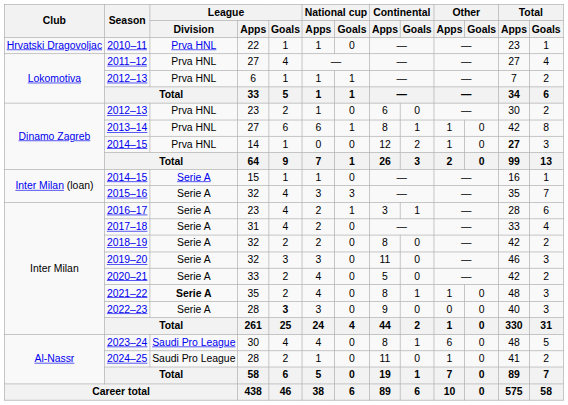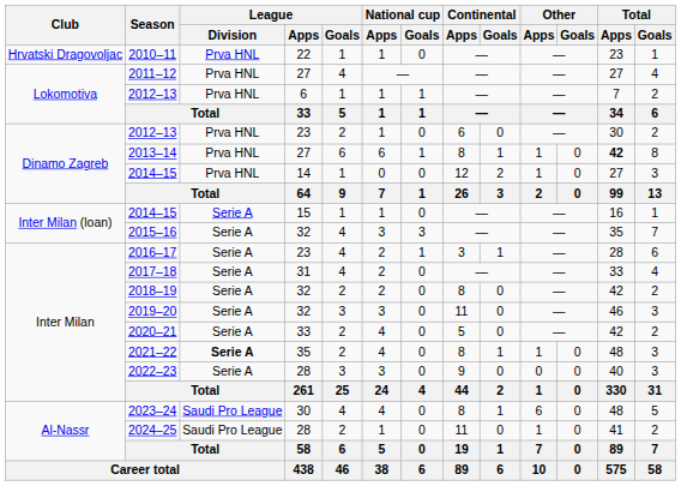 <table class="wikitable" style="text-align:center">
 <tr>
 <th rowspan="2">Club</th>
 <th rowspan="2">Season</th>
 <th colspan="3">League</th>
 <th colspan="2">National cup</th>
 <th colspan="2">Continental</th>
 <th colspan="2">Other</th>
 <th colspan="2">Total</th>
 </tr>
 <tr>
 <th>Division</th>
 <th>Apps</th>
 <th>Goals</th>
 <th>Apps</th>
 <th>Goals</th>
 <th>Apps</th>
 <th>Goals</th>
 <th>Apps</th>
 <th>Goals</th>
 <th>Apps</th>
 <th>Goals</th>
 </tr>
 <tr>
 <td><a href='#'>Hrvatski Dragovoljac</a></td>
 <td><a href='#'>2010–11</a></td>
 <td><a href='#'>Prva HNL</a></td>
 <td>22</td>
 <td>1</td>
 <td>1</td>
 <td>0</td>
 <td colspan="2">—</td>
 <td colspan="2">—</td>
 <td>23</td>
 <td>1</td>
 </tr>
 <tr>
 <td rowspan="3"><a href='#'>Lokomotiva</a></td>
 <td><a href='#'>2011–12</a></td>
 <td>Prva HNL</td>
 <td>27</td>
 <td>4</td>
 <td colspan="2">—</td>
 <td colspan="2">—</td>
 <td colspan="2">—</td>
 <td>27</td>
 <td>4</td>
 </tr>
 <tr>
 <td><a href='#'>2012–13</a></td>
 <td>Prva HNL</td>
 <td>6</td>
 <td>1</td>
 <td>1</td>
 <td>1</td>
 <td colspan="2">—</td>
 <td colspan="2">—</td>
 <td>7</td>
 <td>2</td>
 </tr>
 <tr>
 <th colspan="2">Total</th>
 <th>33</th>
 <th>5</th>
 <th>1</th>
 <th>1</th>
 <th colspan="2">—</th>
 <th colspan="2">—</th>
 <th>34</th>
 <th>6</th>
 </tr>
 <tr>
 <td rowspan="4"><a href='#'>Dinamo Zagreb</a></td>
 <td><a href='#'>2012–13</a></td>
 <td>Prva HNL</td>
 <td>23</td>
 <td>2</td>
 <td>1</td>
 <td>0</td>
 <td>6</td>
 <td>0</td>
 <td colspan="2">—</td>
 <td>30</td>
 <td>2</td>
 </tr>
 <tr>
 <td><a href='#'>2013–14</a></td>
 <td>Prva HNL</td>
 <td>27</td>
 <td>6</td>
 <td>6</td>
 <td>1</td>
 <td>8</td>
 <td>1</td>
 <td>1</td>
 <td>0</td>
-<td>42</td>
+<td><strong>42</strong></td>
 <td>8</td>
 </tr>
 <tr>
 <td><a href='#'>2014–15</a></td>
 <td>Prva HNL</td>
 <td>14</td>
 <td>1</td>
 <td>0</td>
 <td>0</td>
 <td>12</td>
 <td>2</td>
 <td>1</td>
 <td>0</td>
-<td><strong>27</strong></td>
+<td>27</td>
 <td>3</td>
 </tr>
 <tr>
 <th colspan="2">Total</th>
 <th>64</th>
 <th>9</th>
 <th>7</th>
 <th>1</th>
 <th>26</th>
 <th>3</th>
 <th>2</th>
 <th>0</th>
 <th>99</th>
 <th>13</th>
 </tr>
 <tr>
 <td rowspan="2"><a href='#'>Inter Milan</a> (loan)</td>
 <td><a href='#'>2014–15</a></td>
 <td><a href='#'>Serie A</a></td>
 <td>15</td>
 <td>1</td>
 <td>1</td>
 <td>0</td>
 <td colspan="2">—</td>
 <td colspan="2">—</td>
 <td>16</td>
 <td>1</td>
 </tr>
 <tr>
 <td><a href='#'>2015–16</a></td>
 <td>Serie A</td>
 <td>32</td>
 <td>4</td>
 <td>3</td>
 <td>3</td>
 <td colspan="2">—</td>
 <td colspan="2">—</td>
 <td>35</td>
 <td>7</td>
 </tr>
 <tr>
 <td rowspan="8">Inter Milan</td>
 <td><a href='#'>2016–17</a></td>
 <td>Serie A</td>
 <td>23</td>
 <td>4</td>
 <td>2</td>
 <td>1</td>
 <td>3</td>
 <td>1</td>
 <td colspan="2">—</td>
 <td>28</td>
 <td>6</td>
 </tr>
 <tr>
 <td><a href='#'>2017–18</a></td>
 <td>Serie A</td>
 <td>31</td>
 <td>4</td>
 <td>2</td>
 <td>0</td>
 <td colspan="2">—</td>
 <td colspan="2">—</td>
 <td>33</td>
 <td>4</td>
 </tr>
 <tr>
 <td><a href='#'>2018–19</a></td>
 <td>Serie A</td>
 <td>32</td>
 <td>2</td>
 <td>2</td>
 <td>0</td>
 <td>8</td>
 <td>0</td>
 <td colspan="2">—</td>
 <td>42</td>
 <td>2</td>
 </tr>
 <tr>
 <td><a href='#'>2019–20</a></td>
 <td>Serie A</td>
 <td>32</td>
 <td>3</td>
 <td>3</td>
 <td>0</td>
 <td>11</td>
 <td>0</td>
 <td colspan="2">—</td>
 <td>46</td>
 <td>3</td>
 </tr>
 <tr>
 <td><a href='#'>2020–21</a></td>
 <td>Serie A</td>
 <td>33</td>
 <td>2</td>
 <td>4</td>
 <td>0</td>
 <td>5</td>
 <td>0</td>
 <td colspan="2">—</td>
 <td>42</td>
 <td>2</td>
 </tr>
 <tr>
 <td><a href='#'>2021–22</a></td>
 <td><strong>Serie A</strong></td>
 <td>35</td>
 <td>2</td>
 <td>4</td>
 <td>0</td>
 <td>8</td>
 <td>1</td>
 <td>1</td>
 <td>0</td>
 <td>48</td>
 <td>3</td>
 </tr>
 <tr>
 <td><a href='#'>2022–23</a></td>
 <td>Serie A</td>
 <td>28</td>
-<td><strong>3</strong></td>
+<td>3</td>
 <td>3</td>
 <td>0</td>
 <td>9</td>
 <td>0</td>
 <td>0</td>
 <td>0</td>
 <td>40</td>
 <td>3</td>
 </tr>
 <tr>
 <th colspan="2">Total</th>
 <th>261</th>
 <th>25</th>
 <th>24</th>
 <th>4</th>
 <th>44</th>
 <th>2</th>
 <th>1</th>
 <th>0</th>
 <th>330</th>
 <th>31</th>
 </tr>
 <tr>
 <td rowspan="3"><a href='#'>Al-Nassr</a></td>
 <td><a href='#'>2023–24</a></td>
 <td><a href='#'>Saudi Pro League</a></td>
 <td>30</td>
 <td>4</td>
 <td>4</td>
 <td>0</td>
 <td>8</td>
 <td>1</td>
 <td>6</td>
 <td>0</td>
 <td>48</td>
 <td>5</td>
 </tr>
 <tr>
 <td><a href='#'>2024–25</a></td>
 <td>Saudi Pro League</td>
 <td>28</td>
 <td>2</td>
 <td>1</td>
 <td>0</td>
 <td>11</td>
 <td>0</td>
 <td>1</td>
 <td>0</td>
 <td>41</td>
 <td>2</td>
 </tr>
 <tr>
 <th colspan="2">Total</th>
 <th>58</th>
 <th>6</th>
 <th>5</th>
 <th>0</th>
 <th>19</th>
 <th>1</th>
 <th>7</th>
 <th>0</th>
 <th>89</th>
 <th>7</th>
 </tr>
 <tr>
 <th colspan="3">Career total</th>
 <th>438</th>
 <th>46</th>
 <th>38</th>
 <th>6</th>
 <th>89</th>
 <th>6</th>
 <th>10</th>
 <th>0</th>
 <th>575</th>
 <th>58</th>
 </tr>
 </table>
